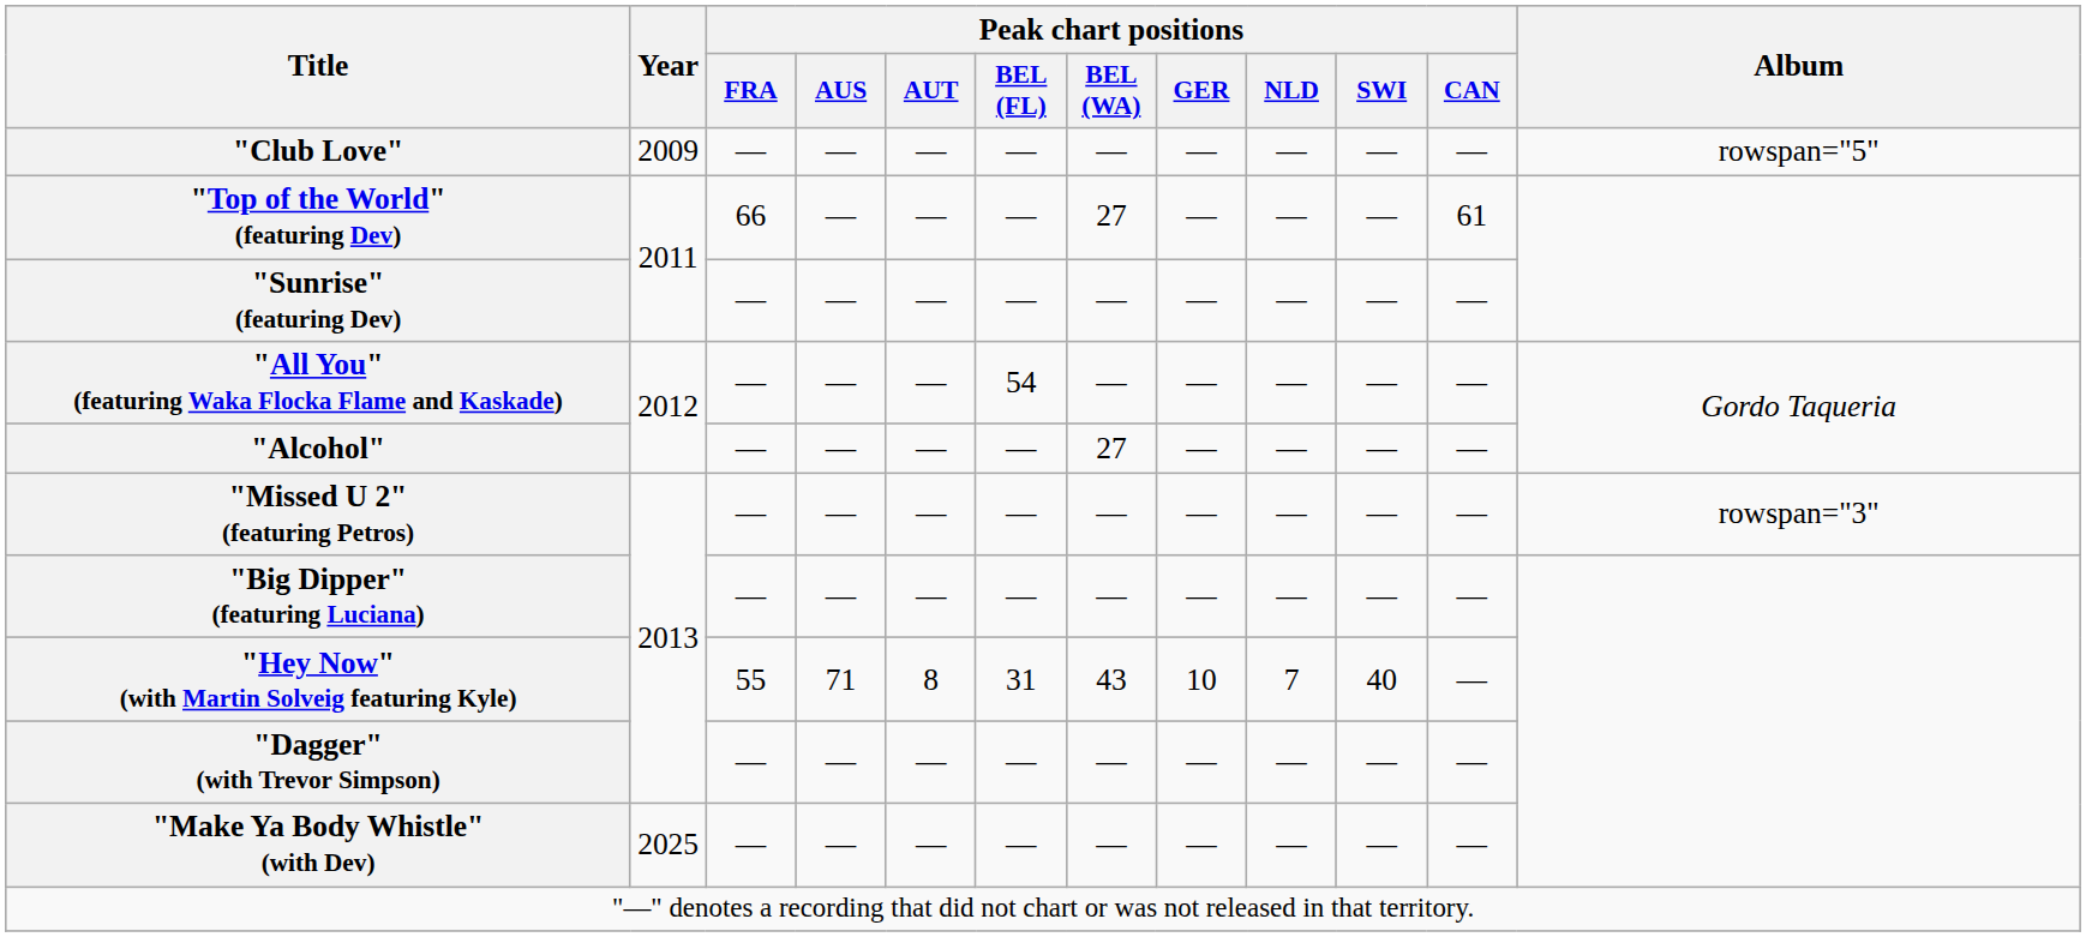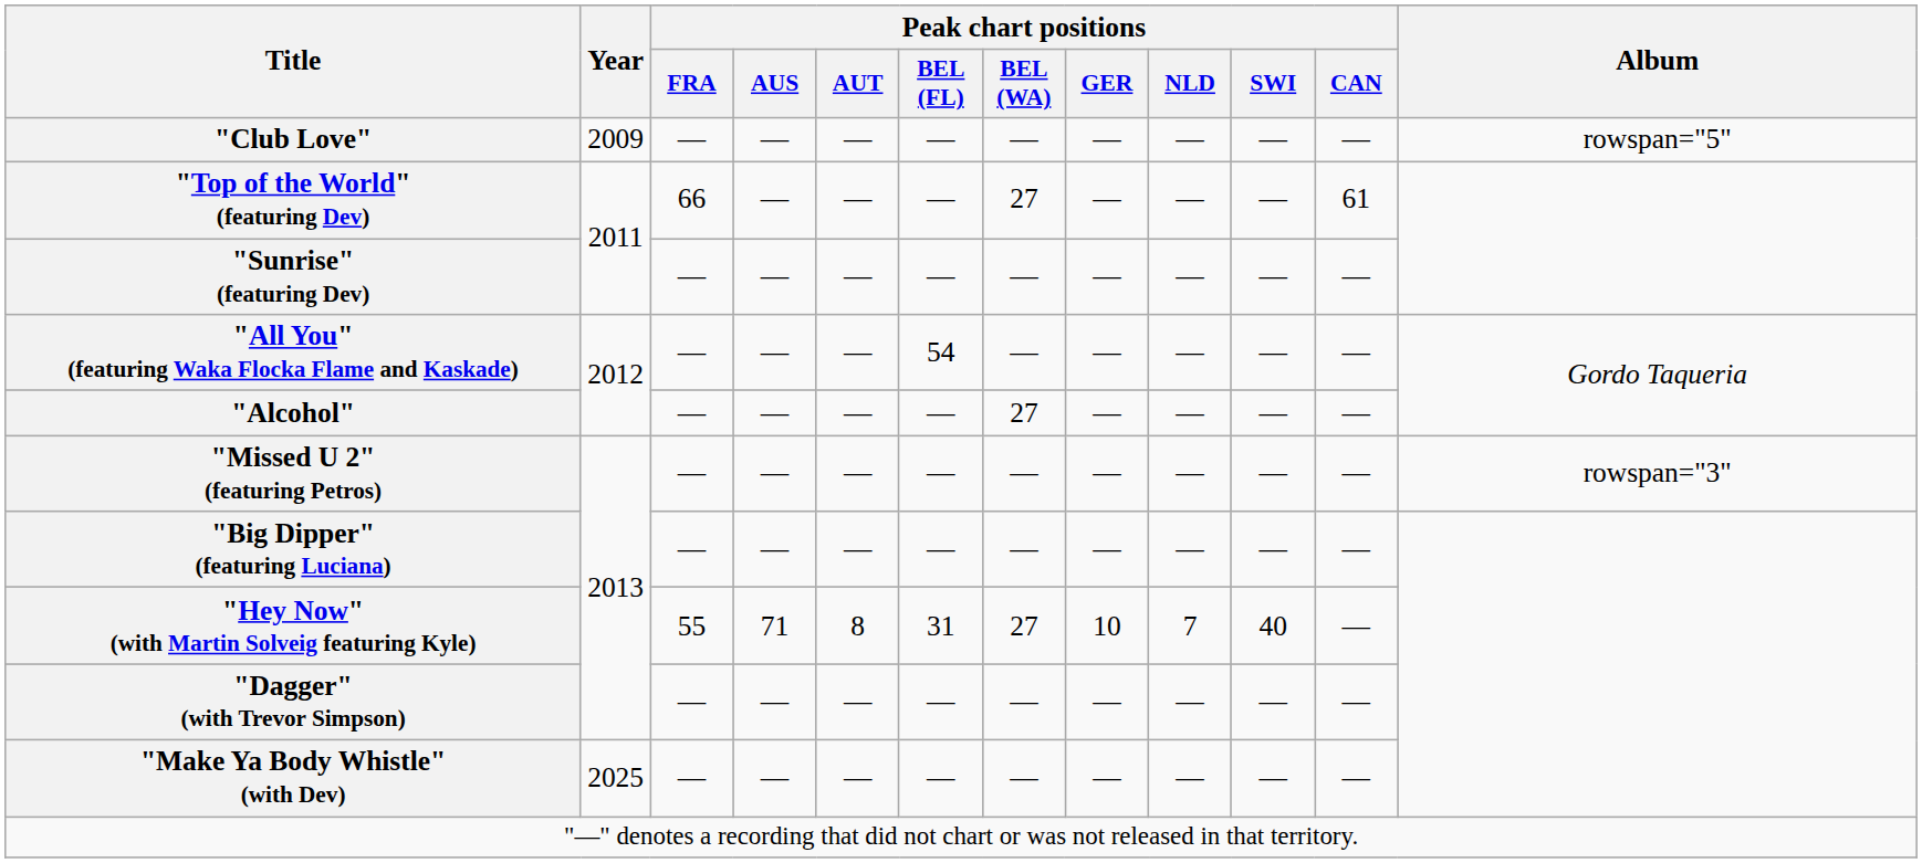 <table class="wikitable plainrowheaders" style="text-align:center;">
 <tr>
 <th scope="col" rowspan="2" style="width:20em;">Title</th>
 <th scope="col" rowspan="2" style="width:1em;">Year</th>
 <th scope="col" colspan="9">Peak chart positions</th>
 <th scope="col" rowspan="2" style="width:18em;">Album</th>
 </tr>
 <tr>
 <th scope="col" style="width:3em;font-size:85%;"><a href='#'>FRA</a></th>
 <th scope="col" style="width:3em;font-size:85%;"><a href='#'>AUS</a></th>
 <th scope="col" style="width:3em;font-size:85%;"><a href='#'>AUT</a></th>
 <th scope="col" style="width:3em;font-size:85%;"><a href='#'>BEL<br>(FL)</a></th>
 <th scope="col" style="width:3em;font-size:85%;"><a href='#'>BEL<br>(WA)</a></th>
 <th scope="col" style="width:3em;font-size:85%;"><a href='#'>GER</a></th>
 <th scope="col" style="width:3em;font-size:85%;"><a href='#'>NLD</a></th>
 <th scope="col" style="width:3em;font-size:85%;"><a href='#'>SWI</a></th>
 <th scope="col" style="width:3em;font-size:85%;"><a href='#'>CAN</a></th>
 </tr>
 <tr>
 <th scope="row">"Club Love"</th>
 <td>2009</td>
 <td>—</td>
 <td>—</td>
 <td>—</td>
 <td>—</td>
 <td>—</td>
 <td>—</td>
 <td>—</td>
 <td>—</td>
 <td>—</td>
 <td>rowspan="5" </td>
 </tr>
 <tr>
 <th scope="row">"<a href='#'>Top of the World</a>"<br><small>(featuring <a href='#'>Dev</a>)</small></th>
 <td rowspan="2">2011</td>
 <td>66</td>
 <td>—</td>
 <td>—</td>
 <td>—</td>
 <td>27</td>
 <td>—</td>
 <td>—</td>
 <td>—</td>
 <td>61</td>
 </tr>
 <tr>
 <th scope="row">"Sunrise"<br><small>(featuring Dev)</small></th>
 <td>—</td>
 <td>—</td>
 <td>—</td>
 <td>—</td>
 <td>—</td>
 <td>—</td>
 <td>—</td>
 <td>—</td>
 <td>—</td>
 </tr>
 <tr>
 <th scope="row">"<a href='#'>All You</a>"<br><small>(featuring <a href='#'>Waka Flocka Flame</a> and <a href='#'>Kaskade</a>)</small></th>
 <td rowspan="2">2012</td>
 <td>—</td>
 <td>—</td>
 <td>—</td>
 <td>54</td>
 <td>—</td>
 <td>—</td>
 <td>—</td>
 <td>—</td>
 <td>—</td>
 <td rowspan="2"><em>Gordo Taqueria</em></td>
 </tr>
 <tr>
 <th scope="row">"Alcohol"</th>
 <td>—</td>
 <td>—</td>
 <td>—</td>
 <td>—</td>
 <td>27</td>
 <td>—</td>
 <td>—</td>
 <td>—</td>
 <td>—</td>
 </tr>
 <tr>
 <th scope="row">"Missed U 2"<br><small>(featuring Petros)</small></th>
 <td rowspan="4">2013</td>
 <td>—</td>
 <td>—</td>
 <td>—</td>
 <td>—</td>
 <td>—</td>
 <td>—</td>
 <td>—</td>
 <td>—</td>
 <td>—</td>
 <td>rowspan="3" </td>
 </tr>
 <tr>
 <th scope="row">"Big Dipper"<br><small>(featuring <a href='#'>Luciana</a>)</small></th>
 <td>—</td>
 <td>—</td>
 <td>—</td>
 <td>—</td>
 <td>—</td>
 <td>—</td>
 <td>—</td>
 <td>—</td>
 <td>—</td>
 </tr>
 <tr>
 <th scope="row">"<a href='#'>Hey Now</a>"<br><small>(with <a href='#'>Martin Solveig</a> featuring Kyle)</small></th>
 <td>55</td>
 <td>71</td>
 <td>8</td>
 <td>31</td>
-<td>43</td>
+<td>27</td>
 <td>10</td>
 <td>7</td>
 <td>40</td>
 <td>—</td>
 </tr>
 <tr>
 <th scope="row">"Dagger"<br><small>(with Trevor Simpson)</small></th>
 <td>—</td>
 <td>—</td>
 <td>—</td>
 <td>—</td>
 <td>—</td>
 <td>—</td>
 <td>—</td>
 <td>—</td>
 <td>—</td>
 </tr>
 <tr>
 <th scope="row">"Make Ya Body Whistle"<br><small>(with Dev)</small></th>
 <td rowspan="1">2025</td>
 <td>—</td>
 <td>—</td>
 <td>—</td>
 <td>—</td>
 <td>—</td>
 <td>—</td>
 <td>—</td>
 <td>—</td>
 <td>—</td>
 </tr>
 <tr>
 <td colspan="12" style="font-size:90%">"—" denotes a recording that did not chart or was not released in that territory.</td>
 </tr>
 </table>
